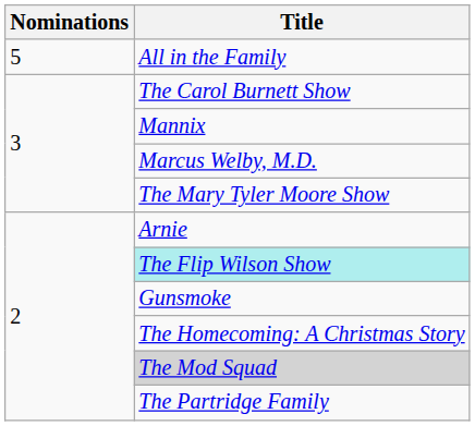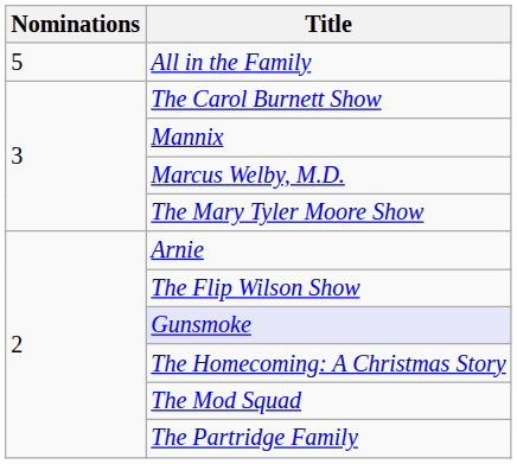 <table class="wikitable">
 <tr>
 <th>Nominations</th>
 <th>Title</th>
 </tr>
 <tr>
 <td>5</td>
 <td><em><a href='#'>All in the Family</a></em></td>
 </tr>
 <tr>
 <td rowspan="4">3</td>
 <td><em><a href='#'>The Carol Burnett Show</a></em></td>
 </tr>
 <tr>
 <td><em><a href='#'>Mannix</a></em></td>
 </tr>
 <tr>
 <td><em><a href='#'>Marcus Welby, M.D.</a></em></td>
 </tr>
 <tr>
 <td><em><a href='#'>The Mary Tyler Moore Show</a></em></td>
 </tr>
 <tr>
 <td rowspan="6">2</td>
 <td><em><a href='#'>Arnie</a></em></td>
 </tr>
 <tr>
-<td style="background: paleturquoise;"><em><a href='#'>The Flip Wilson Show</a></em></td>
+<td><em><a href='#'>The Flip Wilson Show</a></em></td>
 </tr>
 <tr>
-<td><em><a href='#'>Gunsmoke</a></em></td>
+<td style="background: lavender;"><em><a href='#'>Gunsmoke</a></em></td>
 </tr>
 <tr>
 <td><em><a href='#'>The Homecoming: A Christmas Story</a></em></td>
 </tr>
 <tr>
-<td style="background: lightgrey;"><em><a href='#'>The Mod Squad</a></em></td>
+<td><em><a href='#'>The Mod Squad</a></em></td>
 </tr>
 <tr>
 <td><em><a href='#'>The Partridge Family</a></em></td>
 </tr>
 </table>
